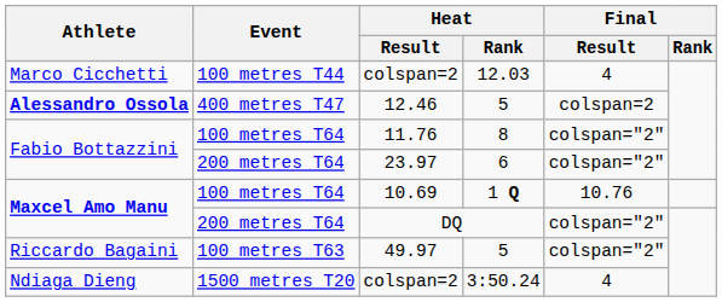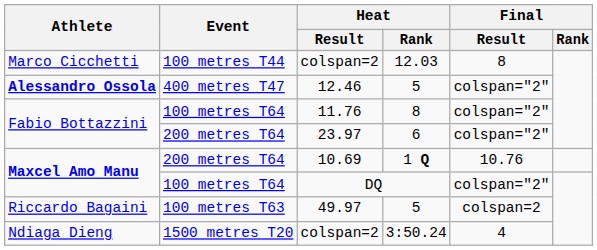 <table class="wikitable" style="font-size:90%">
 <tr>
 <th rowspan="2">Athlete</th>
 <th rowspan="2">Event</th>
 <th colspan="2">Heat</th>
 <th colspan="2">Final</th>
 </tr>
 <tr style="font-size:95%">
 <th>Result</th>
 <th>Rank</th>
 <th>Result</th>
 <th>Rank</th>
 </tr>
 <tr align=center>
 <td align=left><a href='#'>Marco Cicchetti</a></td>
 <td align=left><a href='#'>100 metres T44</a></td>
 <td>colspan=2 </td>
 <td>12.03</td>
-<td>4</td>
+<td>8</td>
 </tr>
 <tr align=center>
 <td align=left><strong><a href='#'>Alessandro Ossola</a></strong></td>
 <td align=left><a href='#'>400 metres T47</a></td>
 <td>12.46</td>
 <td>5</td>
-<td>colspan=2 </td>
+<td>colspan="2" </td>
 </tr>
 <tr align=center>
 <td align=left rowspan=2><a href='#'>Fabio Bottazzini</a></td>
 <td align=left><a href='#'>100 metres T64</a></td>
 <td>11.76</td>
 <td>8</td>
 <td>colspan="2" </td>
 </tr>
 <tr align=center>
 <td align=left><a href='#'>200 metres T64</a></td>
 <td>23.97</td>
 <td>6</td>
 <td>colspan="2" </td>
 </tr>
 <tr align=center>
 <td align=left rowspan=2><strong><a href='#'>Maxcel Amo Manu</a></strong></td>
-<td align=left><a href='#'>100 metres T64</a></td>
+<td align=left><a href='#'>200 metres T64</a></td>
 <td>10.69</td>
 <td>1 <strong>Q</strong></td>
 <td>10.76</td>
 <td></td>
 </tr>
 <tr align=center>
-<td align=left><a href='#'>200 metres T64</a></td>
+<td align=left><a href='#'>100 metres T64</a></td>
 <td colspan="2">DQ</td>
 <td>colspan="2" </td>
 </tr>
 <tr align=center>
 <td align=left><a href='#'>Riccardo Bagaini</a></td>
 <td align=left><a href='#'>100 metres T63</a></td>
 <td>49.97</td>
 <td>5</td>
-<td>colspan="2" </td>
+<td>colspan=2 </td>
 </tr>
 <tr align=center>
 <td align=left><a href='#'>Ndiaga Dieng</a></td>
 <td align=left><a href='#'>1500 metres T20</a></td>
 <td>colspan=2 </td>
 <td>3:50.24</td>
 <td>4</td>
 </tr>
 </table>
